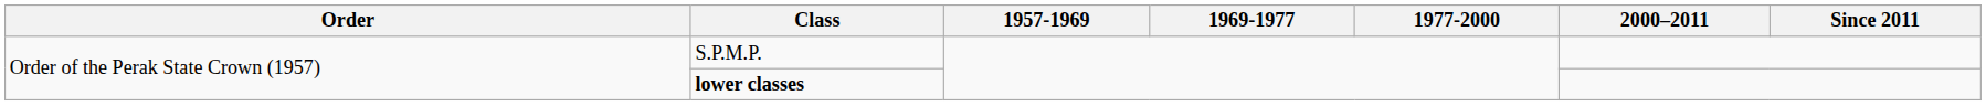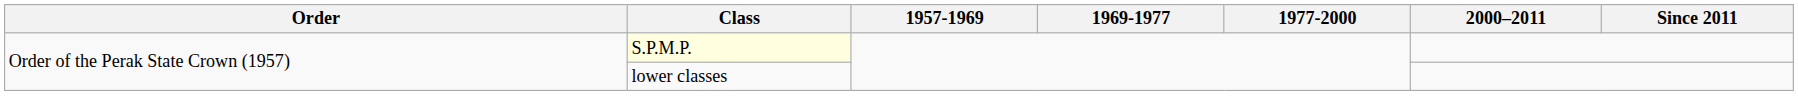 <table class="wikitable" width=100%>
 <tr>
 <th>Order</th>
 <th>Class</th>
 <th>1957-1969</th>
 <th>1969-1977</th>
 <th>1977-2000</th>
 <th>2000–2011</th>
 <th>Since 2011</th>
 </tr>
 <tr>
 <td rowspan=2>Order of the Perak State Crown (1957) </td>
-<td>S.P.M.P.</td>
+<td style="background: lightyellow;">S.P.M.P.</td>
 <td colspan=3 rowspan=2 align=center></td>
 <td colspan=2 align=center></td>
 </tr>
 <tr>
-<td><strong>lower classes</strong></td>
+<td>lower classes</td>
 <td colspan=2 align=center></td>
 </tr>
 </table>
